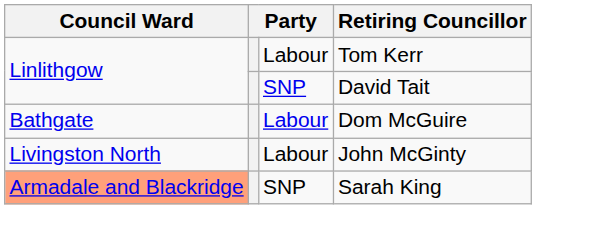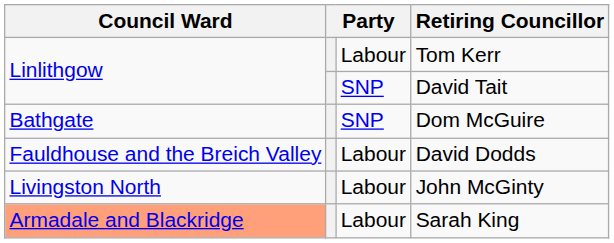 <table class="wikitable sortable">
 <tr>
 <th scope="col">Council Ward</th>
 <th colspan="2" scope="col">Party</th>
 <th scope="col">Retiring Councillor</th>
 </tr>
 <tr>
 <td rowspan="2" scope="row"><a href='#'>Linlithgow</a></td>
 <th style="background-color: "></th>
 <td>Labour</td>
 <td>Tom Kerr</td>
 </tr>
 <tr>
 <th style="background-color: "></th>
 <td><a href='#'>SNP</a></td>
 <td>David Tait</td>
 </tr>
 <tr>
 <td><a href='#'>Bathgate</a></td>
 <th style="background-color: "></th>
-<td><a href='#'>Labour</a></td>
+<td><a href='#'>SNP</a></td>
 <td>Dom McGuire</td>
+</tr>
+<tr>
+<td scope="row"><a href='#'>Fauldhouse and the Breich Valley</a></td>
+<th rowspan="1" style="background-color: "></th>
+<td>Labour</td>
+<td>David Dodds</td>
 </tr>
 <tr>
 <td><a href='#'>Livingston North</a></td>
 <th style="background-color: "></th>
 <td>Labour</td>
 <td>John McGinty</td>
 </tr>
 <tr>
 <td scope="row" style="background: lightsalmon;"><a href='#'>Armadale and Blackridge</a></td>
 <th style="background-color: "></th>
-<td>SNP</td>
+<td>Labour</td>
 <td>Sarah King</td>
 </tr>
 </table>
